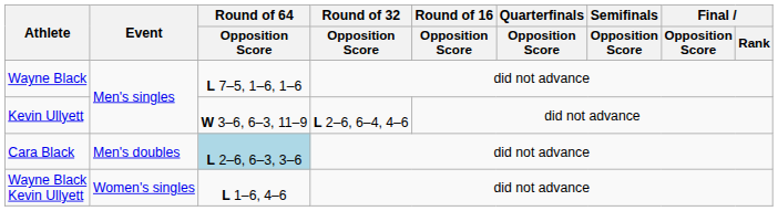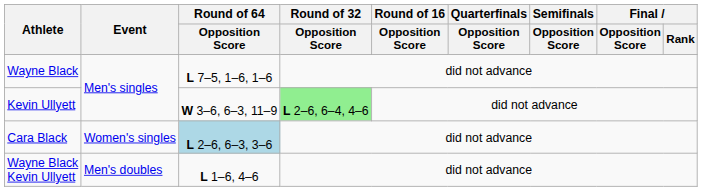 <table class=wikitable style="font-size:90%">
 <tr>
 <th rowspan="2">Athlete</th>
 <th rowspan="2">Event</th>
 <th>Round of 64</th>
 <th>Round of 32</th>
 <th>Round of 16</th>
 <th>Quarterfinals</th>
 <th>Semifinals</th>
 <th colspan=2>Final / </th>
 </tr>
 <tr style="font-size:95%">
 <th>Opposition<br>Score</th>
 <th>Opposition<br>Score</th>
 <th>Opposition<br>Score</th>
 <th>Opposition<br>Score</th>
 <th>Opposition<br>Score</th>
 <th>Opposition<br>Score</th>
 <th>Rank</th>
 </tr>
 <tr align=center>
 <td align=left><a href='#'>Wayne Black</a></td>
 <td align=left rowspan=2><a href='#'>Men's singles</a></td>
 <td><br><strong>L</strong> 7–5, 1–6, 1–6</td>
 <td colspan=6>did not advance</td>
 </tr>
 <tr align=center>
 <td align=left><a href='#'>Kevin Ullyett</a></td>
 <td><br><strong>W</strong> 3–6, 6–3, 11–9</td>
-<td><br><strong>L</strong> 2–6, 6–4, 4–6</td>
+<td style="background: lightgreen;"><br><strong>L</strong> 2–6, 6–4, 4–6</td>
 <td colspan=5>did not advance</td>
 </tr>
 <tr align=center>
 <td align=left><a href='#'>Cara Black</a></td>
-<td align=left><a href='#'>Men's doubles</a></td>
+<td align=left><a href='#'>Women's singles</a></td>
 <td style="background: lightblue;"><br><strong>L</strong> 2–6, 6–3, 3–6</td>
 <td colspan=6>did not advance</td>
 </tr>
 <tr align=center>
 <td align=left><a href='#'>Wayne Black</a><br><a href='#'>Kevin Ullyett</a></td>
-<td align=left><a href='#'>Women's singles</a></td>
+<td align=left><a href='#'>Men's doubles</a></td>
 <td><br><strong>L</strong> 1–6, 4–6</td>
 <td colspan=6>did not advance</td>
 </tr>
 </table>
